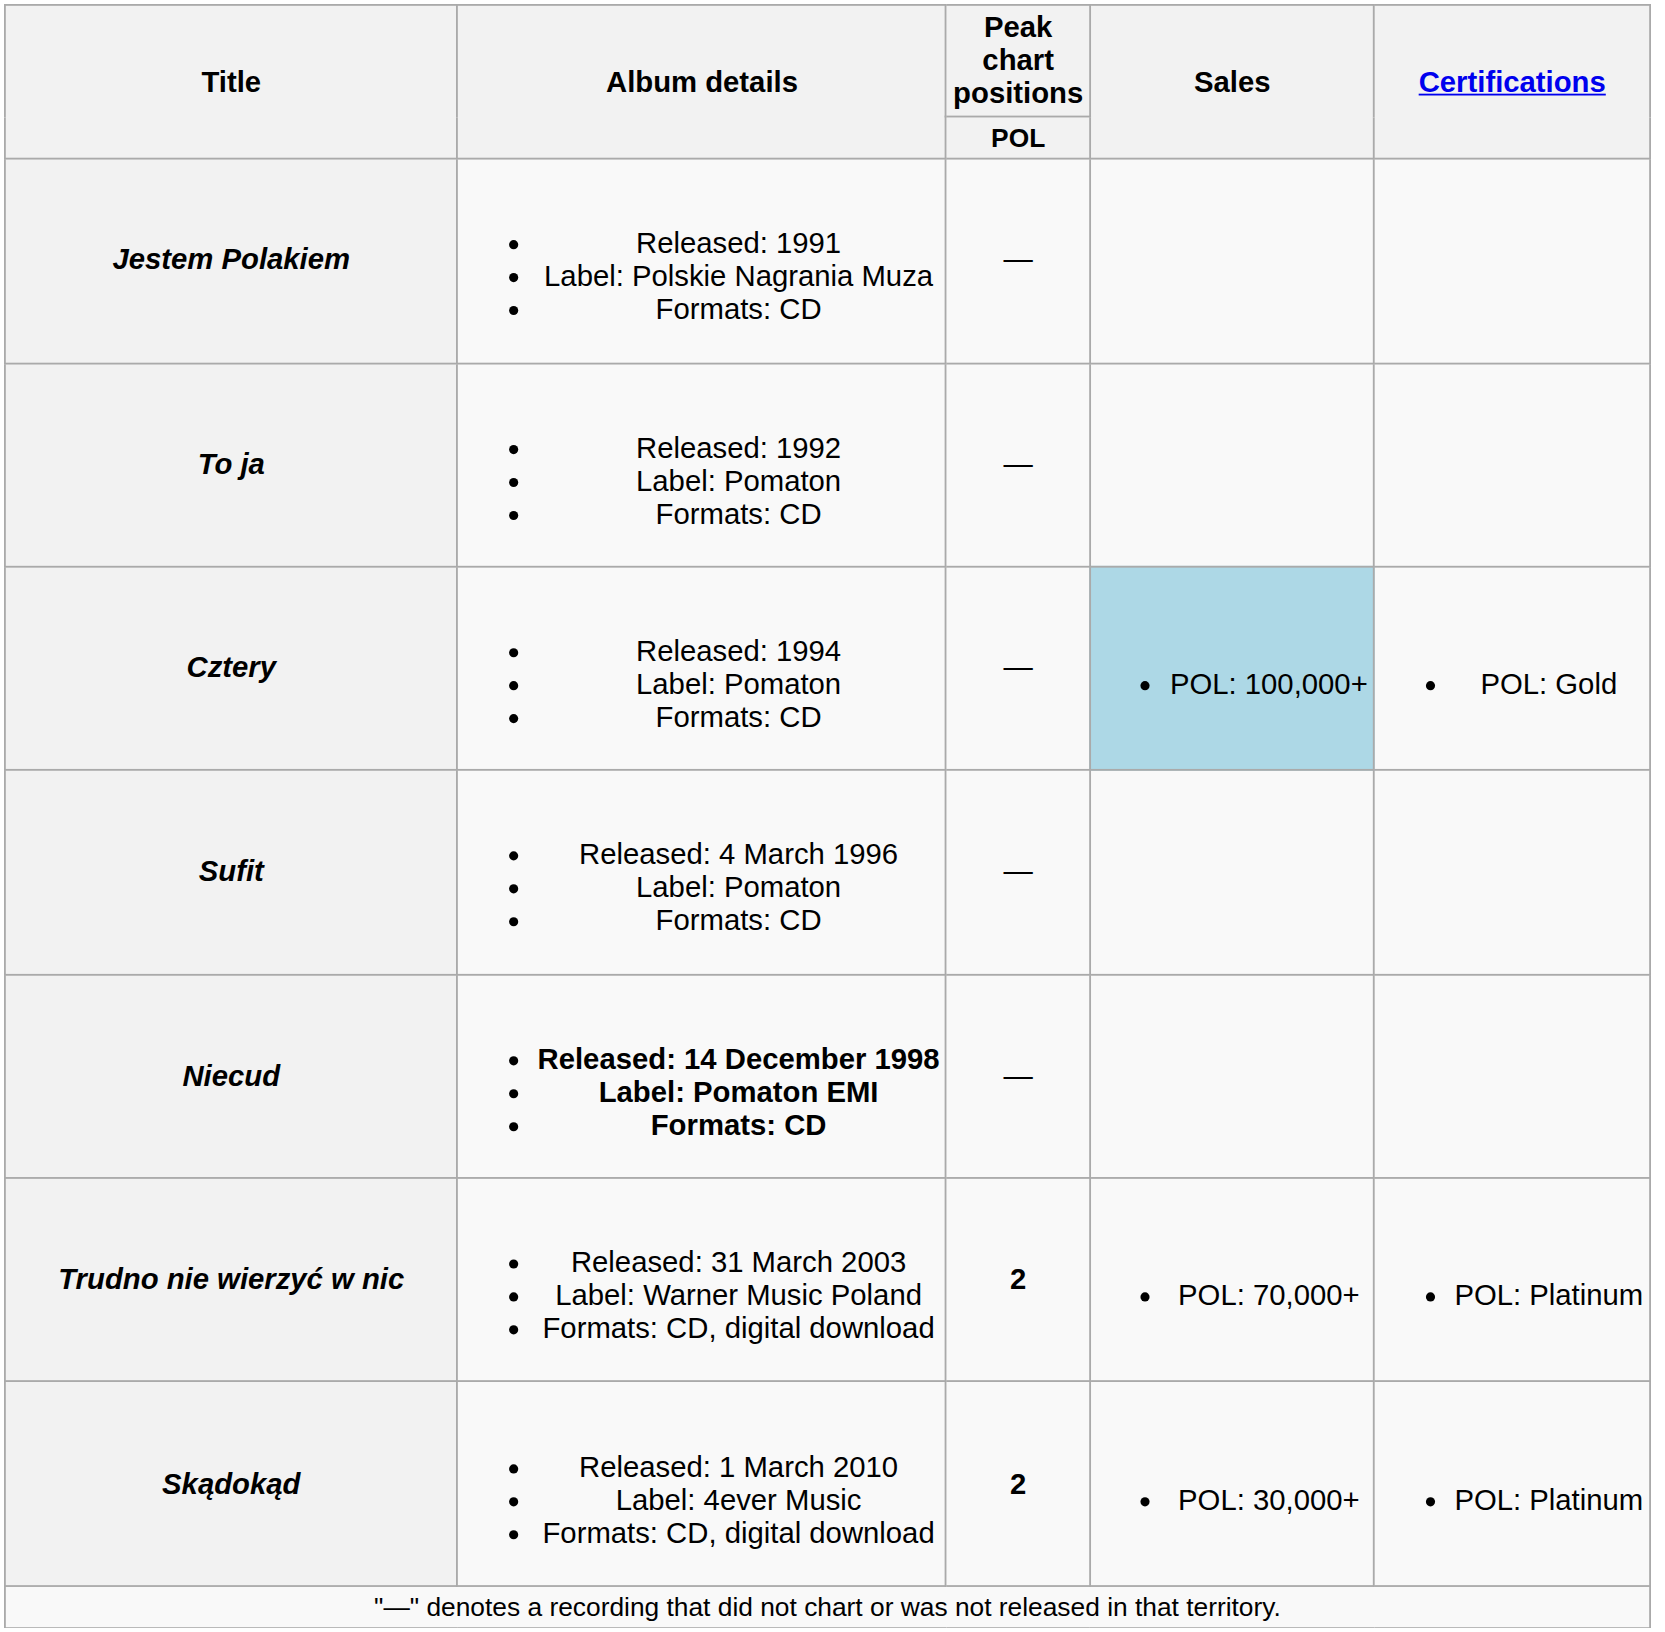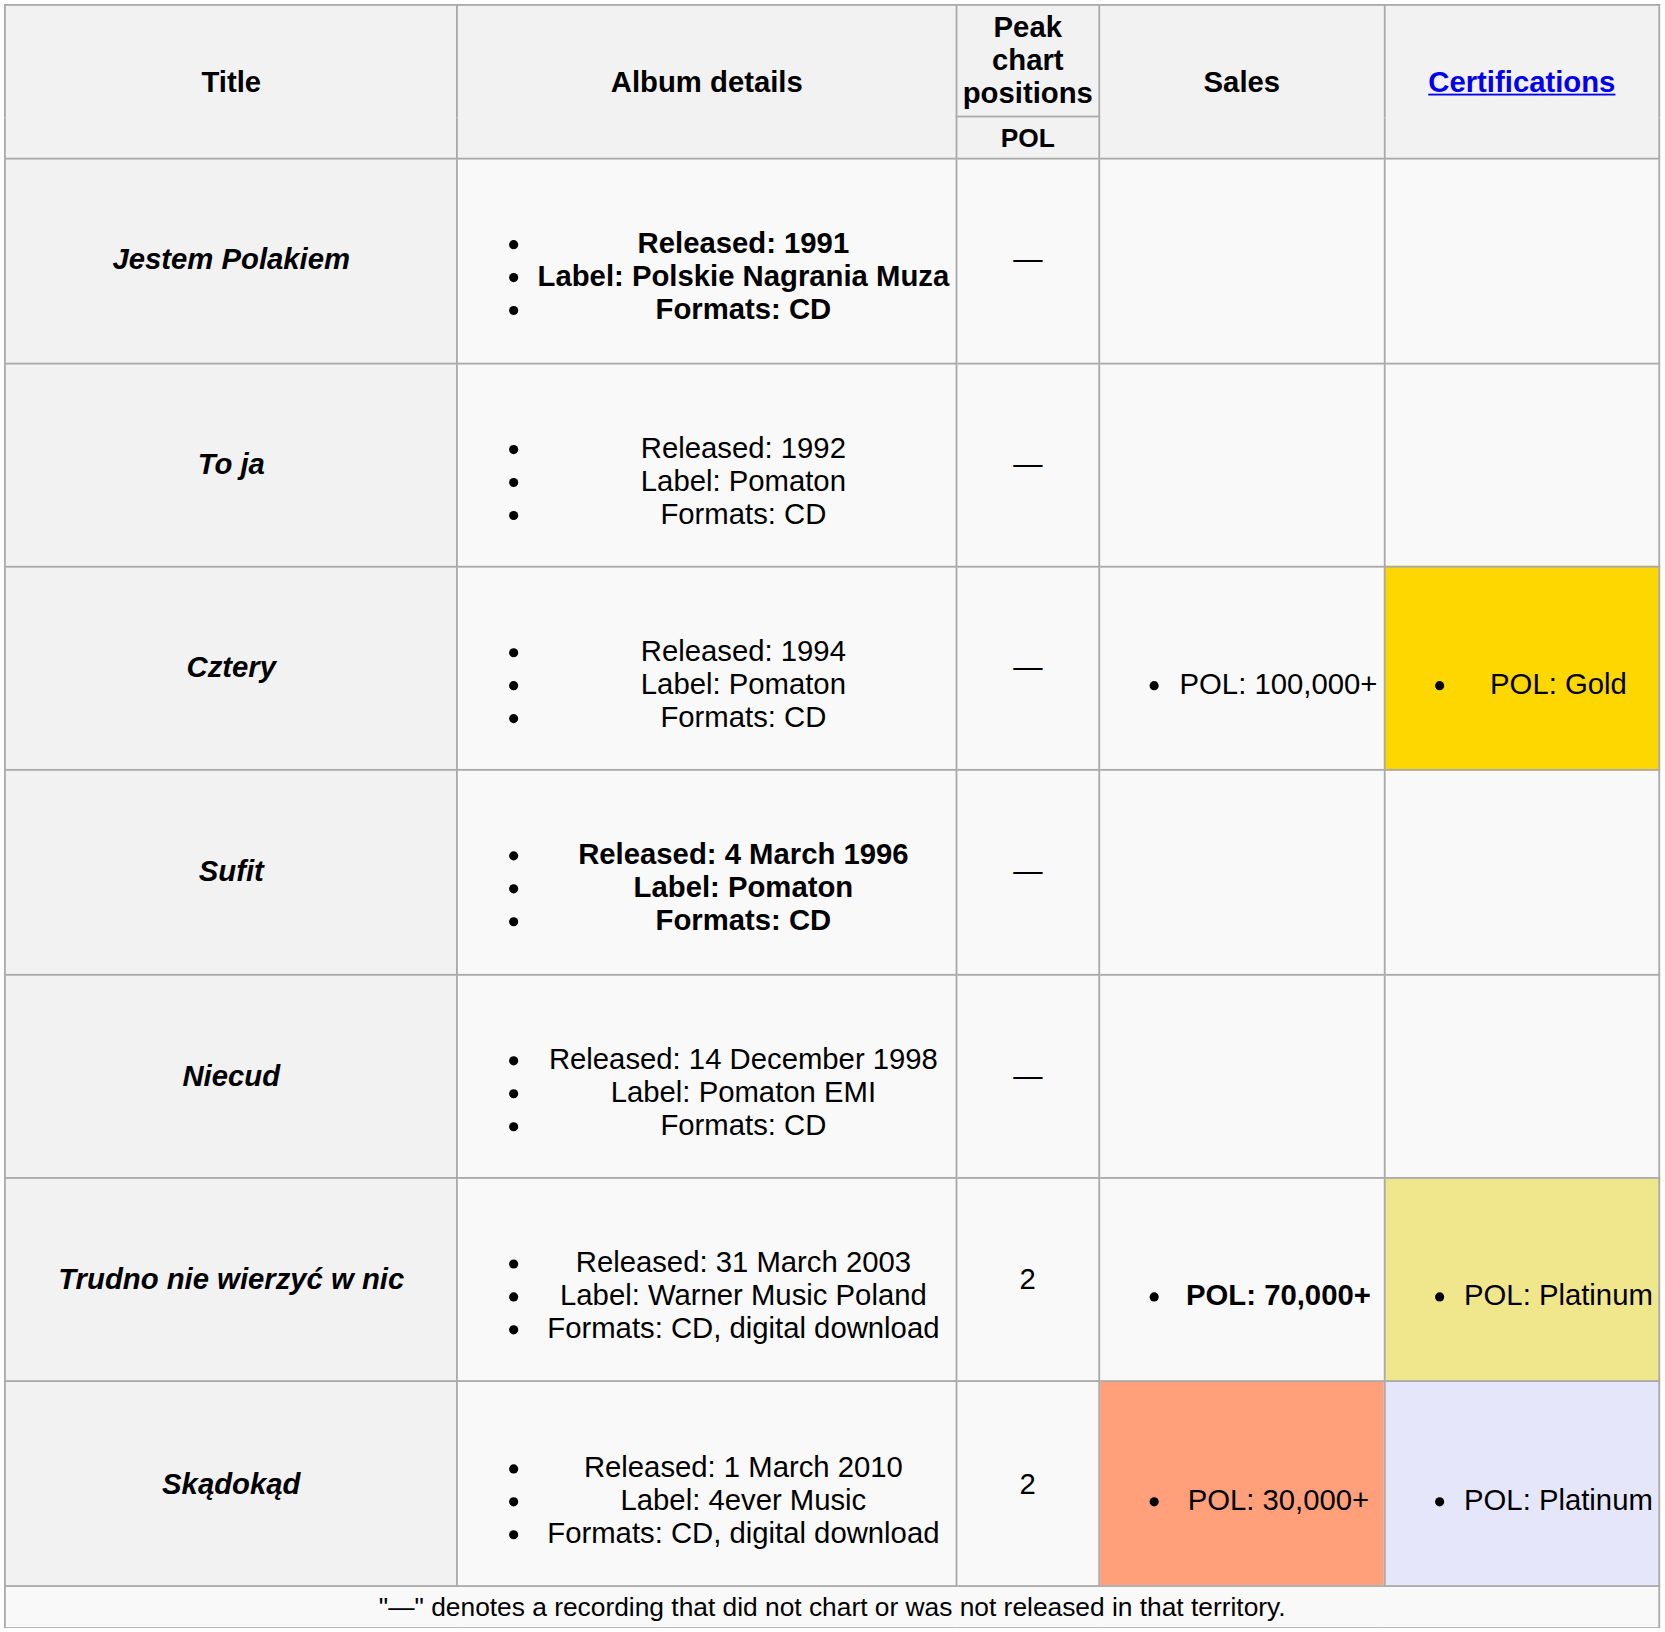 <table class="wikitable plainrowheaders" style="text-align:center;">
 <tr>
 <th scope="col" rowspan="2" style="width:15em;">Title</th>
 <th scope="col" rowspan="2">Album details</th>
 <th scope="col" colspan="1">Peak chart positions</th>
 <th scope="col" rowspan="2">Sales</th>
 <th scope="col" rowspan="2"><a href='#'>Certifications</a></th>
 </tr>
 <tr>
 <th scope="col" style="width:3em;font-size:90%;">POL<br></th>
 </tr>
 <tr>
 <th scope="row"><em>Jestem Polakiem</em></th>
-<td><br><ul><li>Released: 1991</li><li>Label: Polskie Nagrania Muza</li><li>Formats: CD</li></ul></td>
+<td><strong><br><ul><li>Released: 1991</li><li>Label: Polskie Nagrania Muza</li><li>Formats: CD</li></ul></strong></td>
 <td>—</td>
 <td></td>
 <td></td>
 </tr>
 <tr>
 <th scope="row"><em>To ja</em></th>
 <td><br><ul><li>Released: 1992</li><li>Label: Pomaton</li><li>Formats: CD</li></ul></td>
 <td>—</td>
 <td></td>
 <td></td>
 </tr>
 <tr>
 <th scope="row"><em>Cztery</em></th>
 <td><br><ul><li>Released: 1994</li><li>Label: Pomaton</li><li>Formats: CD</li></ul></td>
 <td>—</td>
-<td style="background: lightblue;"><br><ul><li>POL: 100,000+</li></ul></td>
-<td><br><ul><li>POL: Gold</li></ul></td>
+<td><br><ul><li>POL: 100,000+</li></ul></td>
+<td style="background: gold;"><br><ul><li>POL: Gold</li></ul></td>
 </tr>
 <tr>
 <th scope="row"><em>Sufit</em></th>
-<td><br><ul><li>Released: 4 March 1996</li><li>Label: Pomaton</li><li>Formats: CD</li></ul></td>
+<td><strong><br><ul><li>Released: 4 March 1996</li><li>Label: Pomaton</li><li>Formats: CD</li></ul></strong></td>
 <td>—</td>
 <td></td>
 <td></td>
 </tr>
 <tr>
 <th scope="row"><em>Niecud</em></th>
-<td><strong><br><ul><li>Released: 14 December 1998</li><li>Label: Pomaton EMI</li><li>Formats: CD</li></ul></strong></td>
+<td><br><ul><li>Released: 14 December 1998</li><li>Label: Pomaton EMI</li><li>Formats: CD</li></ul></td>
 <td>—</td>
 <td></td>
 <td></td>
 </tr>
 <tr>
 <th scope="row"><em>Trudno nie wierzyć w nic</em></th>
 <td><br><ul><li>Released: 31 March 2003</li><li>Label: Warner Music Poland</li><li>Formats: CD, digital download</li></ul></td>
-<td><strong>2</strong></td>
-<td><br><ul><li>POL: 70,000+</li></ul></td>
-<td><br><ul><li>POL: Platinum</li></ul></td>
+<td>2</td>
+<td><strong><br><ul><li>POL: 70,000+</li></ul></strong></td>
+<td style="background: khaki;"><br><ul><li>POL: Platinum</li></ul></td>
 </tr>
 <tr>
 <th scope="row"><em>Skądokąd</em></th>
 <td><br><ul><li>Released: 1 March 2010</li><li>Label: 4ever Music</li><li>Formats: CD, digital download</li></ul></td>
-<td><strong>2</strong></td>
-<td><br><ul><li>POL: 30,000+</li></ul></td>
-<td><br><ul><li>POL: Platinum</li></ul></td>
+<td>2</td>
+<td style="background: lightsalmon;"><br><ul><li>POL: 30,000+</li></ul></td>
+<td style="background: lavender;"><br><ul><li>POL: Platinum</li></ul></td>
 </tr>
 <tr>
 <td colspan="20" style="font-size:90%">"—" denotes a recording that did not chart or was not released in that territory.</td>
 </tr>
 </table>
